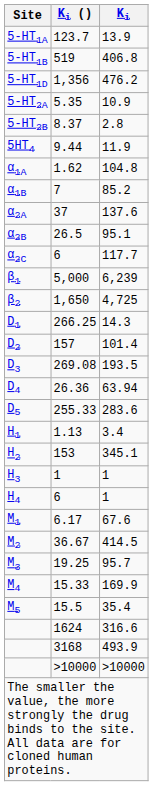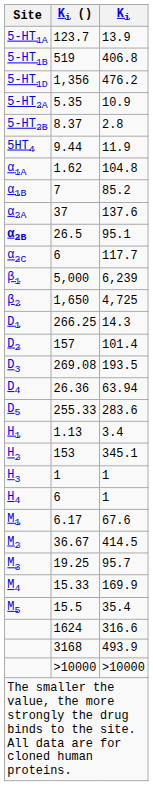 <table class="wikitable floatright" style="font-size:small;">
 <tr>
 <th>Site</th>
 <th> <a href='#'>K<sub>i</sub></a> ()</th>
 <th> <a href='#'>K<sub>i</sub></a></th>
 </tr>
 <tr>
 <td><a href='#'>5-HT<sub>1A</sub></a></td>
 <td>123.7</td>
 <td>13.9</td>
 </tr>
 <tr>
 <td><a href='#'>5-HT<sub>1B</sub></a></td>
 <td>519</td>
 <td>406.8</td>
 </tr>
 <tr>
 <td><a href='#'>5-HT<sub>1D</sub></a></td>
 <td>1,356</td>
 <td>476.2</td>
 </tr>
 <tr>
 <td><a href='#'>5-HT<sub>2A</sub></a></td>
 <td>5.35</td>
 <td>10.9</td>
 </tr>
 <tr>
 <td><a href='#'>5-HT<sub>2B</sub></a></td>
 <td>8.37</td>
 <td>2.8</td>
 </tr>
 <tr>
 <td><a href='#'>5HT<sub>4</sub></a></td>
 <td>9.44</td>
 <td>11.9</td>
 </tr>
 <tr>
 <td><a href='#'>α<sub>1A</sub></a></td>
 <td>1.62</td>
 <td>104.8</td>
 </tr>
 <tr>
 <td><a href='#'>α<sub>1B</sub></a></td>
 <td>7</td>
 <td>85.2</td>
 </tr>
 <tr>
 <td><a href='#'>α<sub>2A</sub></a></td>
 <td>37</td>
 <td>137.6</td>
 </tr>
 <tr>
-<td><a href='#'>α<sub>2B</sub></a></td>
+<td><strong><a href='#'>α<sub>2B</sub></a></strong></td>
 <td>26.5</td>
 <td>95.1</td>
 </tr>
 <tr>
 <td><a href='#'>α<sub>2C</sub></a></td>
 <td>6</td>
 <td>117.7</td>
 </tr>
 <tr>
 <td><a href='#'>β<sub>1</sub></a></td>
 <td>5,000</td>
 <td>6,239</td>
 </tr>
 <tr>
 <td><a href='#'>β<sub>2</sub></a></td>
 <td>1,650</td>
 <td>4,725</td>
 </tr>
 <tr>
 <td><a href='#'>D<sub>1</sub></a></td>
 <td>266.25</td>
 <td>14.3</td>
 </tr>
 <tr>
 <td><a href='#'>D<sub>2</sub></a></td>
 <td>157</td>
 <td>101.4</td>
 </tr>
 <tr>
 <td><a href='#'>D<sub>3</sub></a></td>
 <td>269.08</td>
 <td>193.5</td>
 </tr>
 <tr>
 <td><a href='#'>D<sub>4</sub></a></td>
 <td>26.36</td>
 <td>63.94</td>
 </tr>
 <tr>
 <td><a href='#'>D<sub>5</sub></a></td>
 <td>255.33</td>
 <td>283.6</td>
 </tr>
 <tr>
 <td><a href='#'>H<sub>1</sub></a></td>
 <td>1.13</td>
 <td>3.4</td>
 </tr>
 <tr>
 <td><a href='#'>H<sub>2</sub></a></td>
 <td>153</td>
 <td>345.1</td>
 </tr>
 <tr>
 <td><a href='#'>H<sub>3</sub></a></td>
 <td>1</td>
 <td>1</td>
 </tr>
 <tr>
 <td><a href='#'>H<sub>4</sub></a></td>
 <td>6</td>
 <td>1</td>
 </tr>
 <tr>
 <td><a href='#'>M<sub>1</sub></a></td>
 <td>6.17</td>
 <td>67.6</td>
 </tr>
 <tr>
 <td><a href='#'>M<sub>2</sub></a></td>
 <td>36.67</td>
 <td>414.5</td>
 </tr>
 <tr>
 <td><a href='#'>M<sub>3</sub></a></td>
 <td>19.25</td>
 <td>95.7</td>
 </tr>
 <tr>
 <td><a href='#'>M<sub>4</sub></a></td>
 <td>15.33</td>
 <td>169.9</td>
 </tr>
 <tr>
 <td><a href='#'>M<sub>5</sub></a></td>
 <td>15.5</td>
 <td>35.4</td>
 </tr>
 <tr>
 <td></td>
 <td>1624</td>
 <td>316.6</td>
 </tr>
 <tr>
 <td></td>
 <td>3168</td>
 <td>493.9</td>
 </tr>
 <tr>
 <td></td>
 <td>>10000</td>
 <td>>10000</td>
 </tr>
 <tr class="sortbottom">
 <td colspan="3" style="width: 1px;">The smaller the value, the more strongly the drug binds to the site. All data are for cloned human proteins.</td>
 </tr>
 </table>
